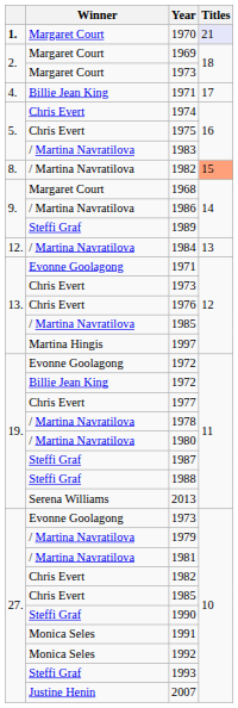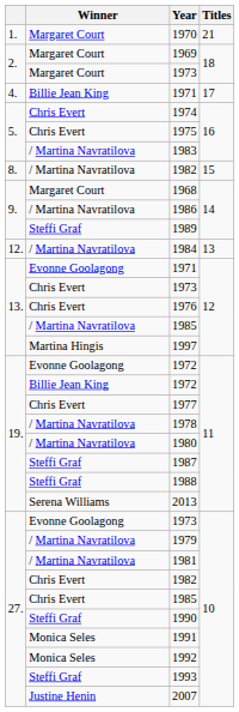 <table class="wikitable sortable">
 <tr>
 <th></th>
 <th style="width:180px;">Winner</th>
 <th>Year<br></th>
 <th>Titles</th>
 </tr>
 <tr>
-<td><strong>1.</strong></td>
+<td>1.</td>
 <td> <a href='#'>Margaret Court</a></td>
 <td>1970</td>
-<td style="background: lavender;">21</td>
+<td>21</td>
 </tr>
 <tr>
 <td rowspan=2>2.</td>
 <td> Margaret Court</td>
 <td>1969</td>
 <td rowspan=2>18</td>
 </tr>
 <tr>
 <td> Margaret Court</td>
 <td>1973</td>
 </tr>
 <tr>
 <td>4.</td>
 <td> <a href='#'>Billie Jean King</a></td>
 <td>1971</td>
 <td>17</td>
 </tr>
 <tr>
 <td rowspan=3>5.</td>
 <td> <a href='#'>Chris Evert</a></td>
 <td>1974</td>
 <td rowspan=3>16</td>
 </tr>
 <tr>
 <td> Chris Evert</td>
 <td>1975</td>
 </tr>
 <tr>
 <td style="white-space: nowrap;">/ <a href='#'>Martina Navratilova</a></td>
 <td>1983</td>
 </tr>
 <tr>
 <td>8.</td>
 <td>/ Martina Navratilova</td>
 <td>1982</td>
-<td style="background: lightsalmon;">15</td>
+<td>15</td>
 </tr>
 <tr>
 <td rowspan=3>9.</td>
 <td> Margaret Court</td>
 <td>1968</td>
 <td rowspan=3>14</td>
 </tr>
 <tr>
 <td>/ Martina Navratilova</td>
 <td>1986</td>
 </tr>
 <tr>
 <td> <a href='#'>Steffi Graf</a></td>
 <td>1989</td>
 </tr>
 <tr>
 <td>12.</td>
 <td>/ <a href='#'>Martina Navratilova</a></td>
 <td>1984</td>
 <td>13</td>
 </tr>
 <tr>
 <td rowspan=5>13.</td>
 <td> <a href='#'>Evonne Goolagong</a></td>
 <td>1971</td>
 <td rowspan=5>12</td>
 </tr>
 <tr>
 <td> Chris Evert</td>
 <td>1973</td>
 </tr>
 <tr>
 <td> Chris Evert</td>
 <td>1976</td>
 </tr>
 <tr>
 <td>/ <a href='#'>Martina Navratilova</a></td>
 <td>1985</td>
 </tr>
 <tr>
 <td> Martina Hingis</td>
 <td>1997</td>
 </tr>
 <tr>
 <td rowspan=8>19.</td>
 <td> Evonne Goolagong</td>
 <td>1972</td>
 <td rowspan=8>11</td>
 </tr>
 <tr>
 <td> <a href='#'>Billie Jean King</a></td>
 <td>1972</td>
 </tr>
 <tr>
 <td> Chris Evert</td>
 <td>1977</td>
 </tr>
 <tr>
 <td>/ <a href='#'>Martina Navratilova</a></td>
 <td>1978</td>
 </tr>
 <tr>
 <td>/ <a href='#'>Martina Navratilova</a></td>
 <td>1980</td>
 </tr>
 <tr>
 <td> <a href='#'>Steffi Graf</a></td>
 <td>1987</td>
 </tr>
 <tr>
 <td> <a href='#'>Steffi Graf</a></td>
 <td>1988</td>
 </tr>
 <tr>
 <td> Serena Williams</td>
 <td>2013</td>
 </tr>
 <tr>
 <td rowspan=10>27.</td>
 <td> Evonne Goolagong</td>
 <td>1973</td>
 <td rowspan=10>10</td>
 </tr>
 <tr>
 <td>/ <a href='#'>Martina Navratilova</a></td>
 <td>1979</td>
 </tr>
 <tr>
 <td>/ <a href='#'>Martina Navratilova</a></td>
 <td>1981</td>
 </tr>
 <tr>
 <td> Chris Evert</td>
 <td>1982</td>
 </tr>
 <tr>
 <td> Chris Evert</td>
 <td>1985</td>
 </tr>
 <tr>
 <td> <a href='#'>Steffi Graf</a></td>
 <td>1990</td>
 </tr>
 <tr>
 <td> Monica Seles</td>
 <td>1991</td>
 </tr>
 <tr>
 <td> Monica Seles</td>
 <td>1992</td>
 </tr>
 <tr>
 <td> <a href='#'>Steffi Graf</a></td>
 <td>1993</td>
 </tr>
 <tr>
 <td> <a href='#'>Justine Henin</a></td>
 <td>2007</td>
 </tr>
 </table>
